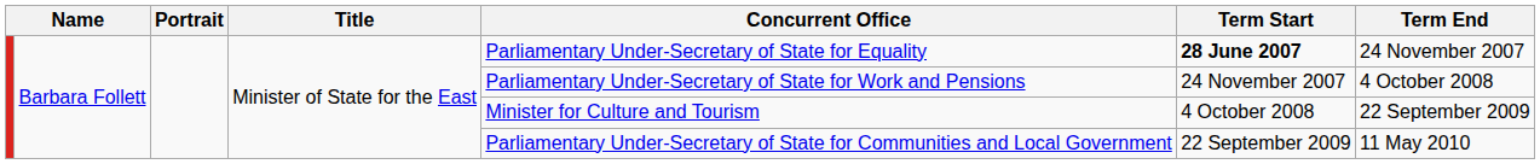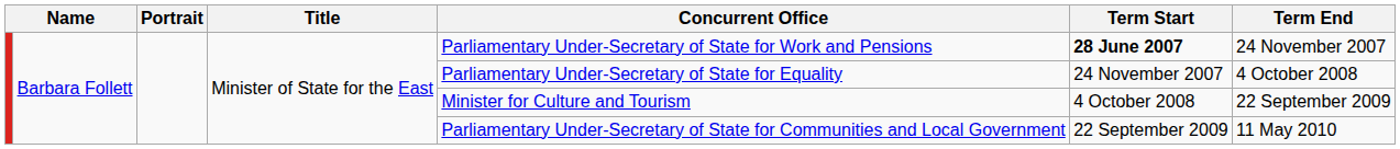 <table class="wikitable">
 <tr>
 <th colspan="2">Name</th>
 <th>Portrait</th>
 <th>Title</th>
 <th>Concurrent Office</th>
 <th>Term Start</th>
 <th>Term End</th>
 </tr>
 <tr>
 <th rowspan="4" style="background-color: #DC241f"></th>
 <td rowspan="4"><a href='#'>Barbara Follett</a></td>
 <td rowspan="4"></td>
 <td rowspan="4">Minister of State for the <a href='#'>East</a></td>
-<td><a href='#'>Parliamentary Under-Secretary of State for Equality</a></td>
+<td><a href='#'>Parliamentary Under-Secretary of State for Work and Pensions</a></td>
 <td><strong>28 June 2007</strong></td>
 <td>24 November 2007</td>
 </tr>
 <tr>
-<td><a href='#'>Parliamentary Under-Secretary of State for Work and Pensions</a></td>
+<td><a href='#'>Parliamentary Under-Secretary of State for Equality</a></td>
 <td>24 November 2007</td>
 <td>4 October 2008</td>
 </tr>
 <tr>
 <td><a href='#'>Minister for Culture and Tourism</a></td>
 <td>4 October 2008</td>
 <td>22 September 2009</td>
 </tr>
 <tr>
 <td><a href='#'>Parliamentary Under-Secretary of State for Communities and Local Government</a></td>
 <td>22 September 2009</td>
 <td>11 May 2010</td>
 </tr>
 </table>
